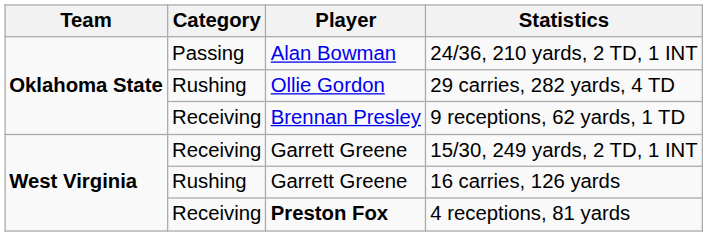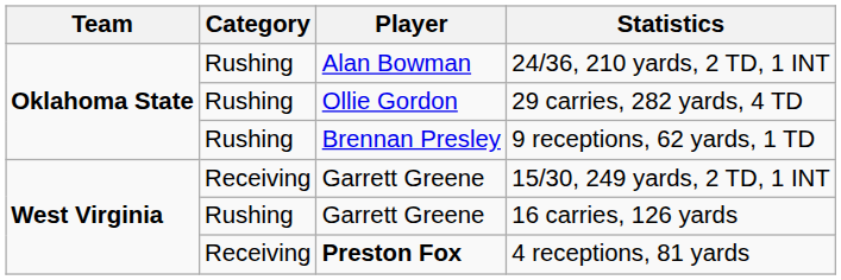 <table class="wikitable" style="float: right;">
 <tr>
 <th>Team</th>
 <th>Category</th>
 <th>Player</th>
 <th>Statistics</th>
 </tr>
 <tr>
 <td rowspan=3><strong>Oklahoma State</strong></td>
-<td>Passing</td>
+<td>Rushing</td>
 <td><a href='#'>Alan Bowman</a></td>
 <td>24/36, 210 yards, 2 TD, 1 INT</td>
 </tr>
 <tr>
 <td>Rushing</td>
 <td><a href='#'>Ollie Gordon</a></td>
 <td>29 carries, 282 yards, 4 TD</td>
 </tr>
 <tr>
-<td>Receiving</td>
+<td>Rushing</td>
 <td><a href='#'>Brennan Presley</a></td>
 <td>9 receptions, 62 yards, 1 TD</td>
 </tr>
 <tr>
 <td rowspan=3><strong>West Virginia</strong></td>
 <td>Receiving</td>
 <td>Garrett Greene</td>
 <td>15/30, 249 yards, 2 TD, 1 INT</td>
 </tr>
 <tr>
 <td>Rushing</td>
 <td>Garrett Greene</td>
 <td>16 carries, 126 yards</td>
 </tr>
 <tr>
 <td>Receiving</td>
 <td><strong>Preston Fox</strong></td>
 <td>4 receptions, 81 yards</td>
 </tr>
 </table>
